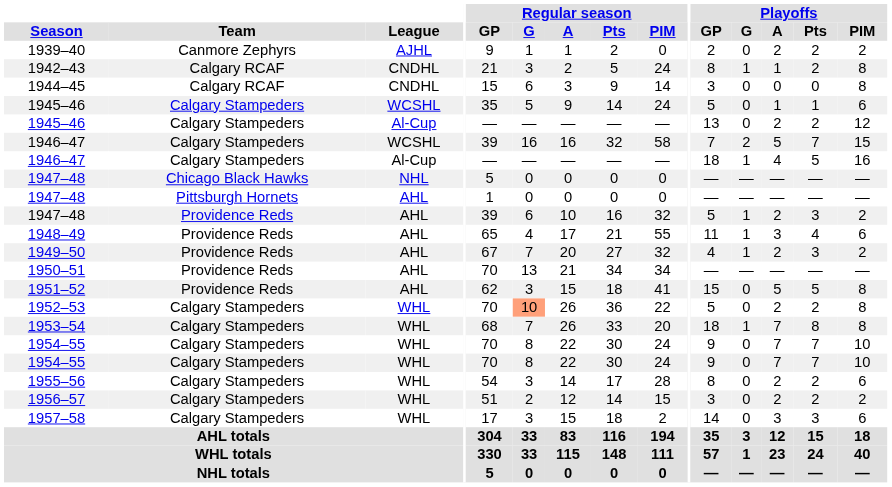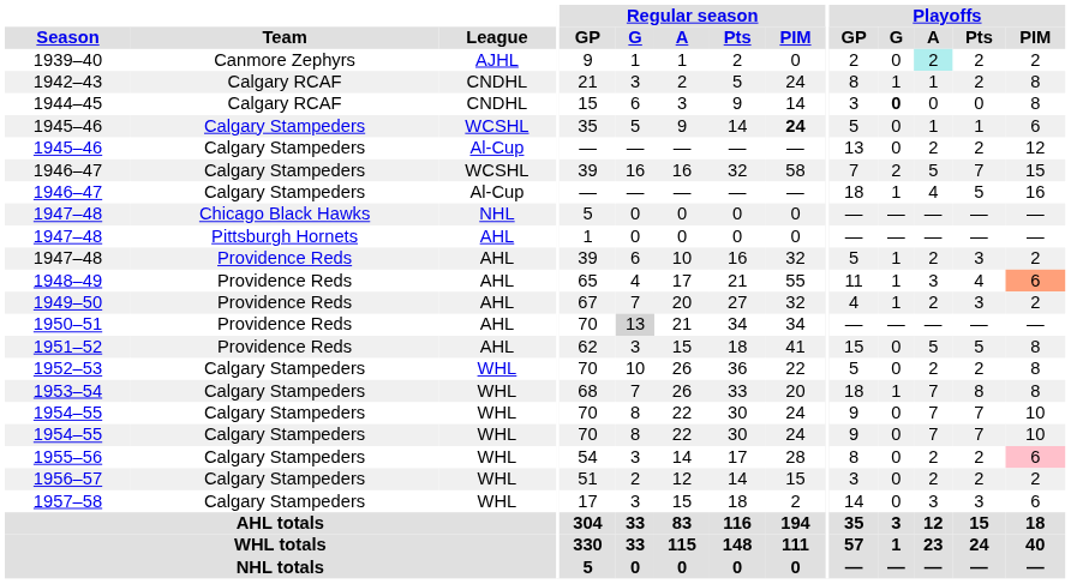 <table border="0" cellpadding="1" cellspacing="0" style="text-align:center; width:60em">
 <tr bgcolor="#e0e0e0">
 <th colspan="3" bgcolor="#ffffff"></th>
 <th rowspan="100" bgcolor="#ffffff"></th>
 <th colspan="5"><a href='#'>Regular season</a></th>
 <th rowspan="100" bgcolor="#ffffff"></th>
 <th colspan="5"><a href='#'>Playoffs</a></th>
 </tr>
 <tr bgcolor="#e0e0e0">
 <th><a href='#'>Season</a></th>
 <th>Team</th>
 <th>League</th>
 <th>GP</th>
 <th><a href='#'>G</a></th>
 <th><a href='#'>A</a></th>
 <th><a href='#'>Pts</a></th>
 <th><a href='#'>PIM</a></th>
 <th>GP</th>
 <th>G</th>
 <th>A</th>
 <th>Pts</th>
 <th>PIM</th>
 </tr>
 <tr>
 <td>1939–40</td>
 <td>Canmore Zephyrs</td>
 <td><a href='#'>AJHL</a></td>
 <td>9</td>
 <td>1</td>
 <td>1</td>
 <td>2</td>
 <td>0</td>
 <td>2</td>
 <td>0</td>
-<td>2</td>
+<td style="background: paleturquoise;">2</td>
 <td>2</td>
 <td>2</td>
 </tr>
 <tr bgcolor="#f0f0f0">
 <td>1942–43</td>
 <td>Calgary RCAF</td>
 <td>CNDHL</td>
 <td>21</td>
 <td>3</td>
 <td>2</td>
 <td>5</td>
 <td>24</td>
 <td>8</td>
 <td>1</td>
 <td>1</td>
 <td>2</td>
 <td>8</td>
 </tr>
 <tr>
 <td>1944–45</td>
 <td>Calgary RCAF</td>
 <td>CNDHL</td>
 <td>15</td>
 <td>6</td>
 <td>3</td>
 <td>9</td>
 <td>14</td>
 <td>3</td>
-<td>0</td>
+<td><strong>0</strong></td>
 <td>0</td>
 <td>0</td>
 <td>8</td>
 </tr>
 <tr bgcolor="#f0f0f0">
 <td>1945–46</td>
 <td><a href='#'>Calgary Stampeders</a></td>
 <td><a href='#'>WCSHL</a></td>
 <td>35</td>
 <td>5</td>
 <td>9</td>
 <td>14</td>
-<td>24</td>
+<td><strong>24</strong></td>
 <td>5</td>
 <td>0</td>
 <td>1</td>
 <td>1</td>
 <td>6</td>
 </tr>
 <tr>
 <td><a href='#'>1945–46</a></td>
 <td>Calgary Stampeders</td>
 <td><a href='#'>Al-Cup</a></td>
 <td>—</td>
 <td>—</td>
 <td>—</td>
 <td>—</td>
 <td>—</td>
 <td>13</td>
 <td>0</td>
 <td>2</td>
 <td>2</td>
 <td>12</td>
 </tr>
 <tr bgcolor="#f0f0f0">
 <td>1946–47</td>
 <td>Calgary Stampeders</td>
 <td>WCSHL</td>
 <td>39</td>
 <td>16</td>
 <td>16</td>
 <td>32</td>
 <td>58</td>
 <td>7</td>
 <td>2</td>
 <td>5</td>
 <td>7</td>
 <td>15</td>
 </tr>
 <tr>
 <td><a href='#'>1946–47</a></td>
 <td>Calgary Stampeders</td>
 <td>Al-Cup</td>
 <td>—</td>
 <td>—</td>
 <td>—</td>
 <td>—</td>
 <td>—</td>
 <td>18</td>
 <td>1</td>
 <td>4</td>
 <td>5</td>
 <td>16</td>
 </tr>
 <tr bgcolor="#f0f0f0">
 <td><a href='#'>1947–48</a></td>
 <td><a href='#'>Chicago Black Hawks</a></td>
 <td><a href='#'>NHL</a></td>
 <td>5</td>
 <td>0</td>
 <td>0</td>
 <td>0</td>
 <td>0</td>
 <td>—</td>
 <td>—</td>
 <td>—</td>
 <td>—</td>
 <td>—</td>
 </tr>
 <tr>
 <td><a href='#'>1947–48</a></td>
 <td><a href='#'>Pittsburgh Hornets</a></td>
 <td><a href='#'>AHL</a></td>
 <td>1</td>
 <td>0</td>
 <td>0</td>
 <td>0</td>
 <td>0</td>
 <td>—</td>
 <td>—</td>
 <td>—</td>
 <td>—</td>
 <td>—</td>
 </tr>
 <tr bgcolor="#f0f0f0">
 <td>1947–48</td>
 <td><a href='#'>Providence Reds</a></td>
 <td>AHL</td>
 <td>39</td>
 <td>6</td>
 <td>10</td>
 <td>16</td>
 <td>32</td>
 <td>5</td>
 <td>1</td>
 <td>2</td>
 <td>3</td>
 <td>2</td>
 </tr>
 <tr>
 <td><a href='#'>1948–49</a></td>
 <td>Providence Reds</td>
 <td>AHL</td>
 <td>65</td>
 <td>4</td>
 <td>17</td>
 <td>21</td>
 <td>55</td>
 <td>11</td>
 <td>1</td>
 <td>3</td>
 <td>4</td>
-<td>6</td>
+<td style="background: lightsalmon;">6</td>
 </tr>
 <tr bgcolor="#f0f0f0">
 <td><a href='#'>1949–50</a></td>
 <td>Providence Reds</td>
 <td>AHL</td>
 <td>67</td>
 <td>7</td>
 <td>20</td>
 <td>27</td>
 <td>32</td>
 <td>4</td>
 <td>1</td>
 <td>2</td>
 <td>3</td>
 <td>2</td>
 </tr>
 <tr>
 <td><a href='#'>1950–51</a></td>
 <td>Providence Reds</td>
 <td>AHL</td>
 <td>70</td>
-<td>13</td>
+<td style="background: lightgrey;">13</td>
 <td>21</td>
 <td>34</td>
 <td>34</td>
 <td>—</td>
 <td>—</td>
 <td>—</td>
 <td>—</td>
 <td>—</td>
 </tr>
 <tr bgcolor="#f0f0f0">
 <td><a href='#'>1951–52</a></td>
 <td>Providence Reds</td>
 <td>AHL</td>
 <td>62</td>
 <td>3</td>
 <td>15</td>
 <td>18</td>
 <td>41</td>
 <td>15</td>
 <td>0</td>
 <td>5</td>
 <td>5</td>
 <td>8</td>
 </tr>
 <tr>
 <td><a href='#'>1952–53</a></td>
 <td>Calgary Stampeders</td>
 <td><a href='#'>WHL</a></td>
 <td>70</td>
-<td style="background: lightsalmon;">10</td>
+<td>10</td>
 <td>26</td>
 <td>36</td>
 <td>22</td>
 <td>5</td>
 <td>0</td>
 <td>2</td>
 <td>2</td>
 <td>8</td>
 </tr>
 <tr bgcolor="#f0f0f0">
 <td><a href='#'>1953–54</a></td>
 <td>Calgary Stampeders</td>
 <td>WHL</td>
 <td>68</td>
 <td>7</td>
 <td>26</td>
 <td>33</td>
 <td>20</td>
 <td>18</td>
 <td>1</td>
 <td>7</td>
 <td>8</td>
 <td>8</td>
 </tr>
 <tr>
 <td><a href='#'>1954–55</a></td>
 <td>Calgary Stampeders</td>
 <td>WHL</td>
 <td>70</td>
 <td>8</td>
 <td>22</td>
 <td>30</td>
 <td>24</td>
 <td>9</td>
 <td>0</td>
 <td>7</td>
 <td>7</td>
 <td>10</td>
 </tr>
 <tr bgcolor="#f0f0f0">
 <td><a href='#'>1954–55</a></td>
 <td>Calgary Stampeders</td>
 <td>WHL</td>
 <td>70</td>
 <td>8</td>
 <td>22</td>
 <td>30</td>
 <td>24</td>
 <td>9</td>
 <td>0</td>
 <td>7</td>
 <td>7</td>
 <td>10</td>
 </tr>
 <tr>
 <td><a href='#'>1955–56</a></td>
 <td>Calgary Stampeders</td>
 <td>WHL</td>
 <td>54</td>
 <td>3</td>
 <td>14</td>
 <td>17</td>
 <td>28</td>
 <td>8</td>
 <td>0</td>
 <td>2</td>
 <td>2</td>
-<td>6</td>
+<td style="background: pink;">6</td>
 </tr>
 <tr bgcolor="#f0f0f0">
 <td><a href='#'>1956–57</a></td>
 <td>Calgary Stampeders</td>
 <td>WHL</td>
 <td>51</td>
 <td>2</td>
 <td>12</td>
 <td>14</td>
 <td>15</td>
 <td>3</td>
 <td>0</td>
 <td>2</td>
 <td>2</td>
 <td>2</td>
 </tr>
 <tr>
 <td><a href='#'>1957–58</a></td>
 <td>Calgary Stampeders</td>
 <td>WHL</td>
 <td>17</td>
 <td>3</td>
 <td>15</td>
 <td>18</td>
 <td>2</td>
 <td>14</td>
 <td>0</td>
 <td>3</td>
 <td>3</td>
 <td>6</td>
 </tr>
 <tr bgcolor="#e0e0e0">
 <th colspan="3">AHL totals</th>
 <th>304</th>
 <th>33</th>
 <th>83</th>
 <th>116</th>
 <th>194</th>
 <th>35</th>
 <th>3</th>
 <th>12</th>
 <th>15</th>
 <th>18</th>
 </tr>
 <tr bgcolor="#e0e0e0">
 <th colspan="3">WHL totals</th>
 <th>330</th>
 <th>33</th>
 <th>115</th>
 <th>148</th>
 <th>111</th>
 <th>57</th>
 <th>1</th>
 <th>23</th>
 <th>24</th>
 <th>40</th>
 </tr>
 <tr bgcolor="#e0e0e0">
 <th colspan="3">NHL totals</th>
 <th>5</th>
 <th>0</th>
 <th>0</th>
 <th>0</th>
 <th>0</th>
 <th>—</th>
 <th>—</th>
 <th>—</th>
 <th>—</th>
 <th>—</th>
 </tr>
 </table>
